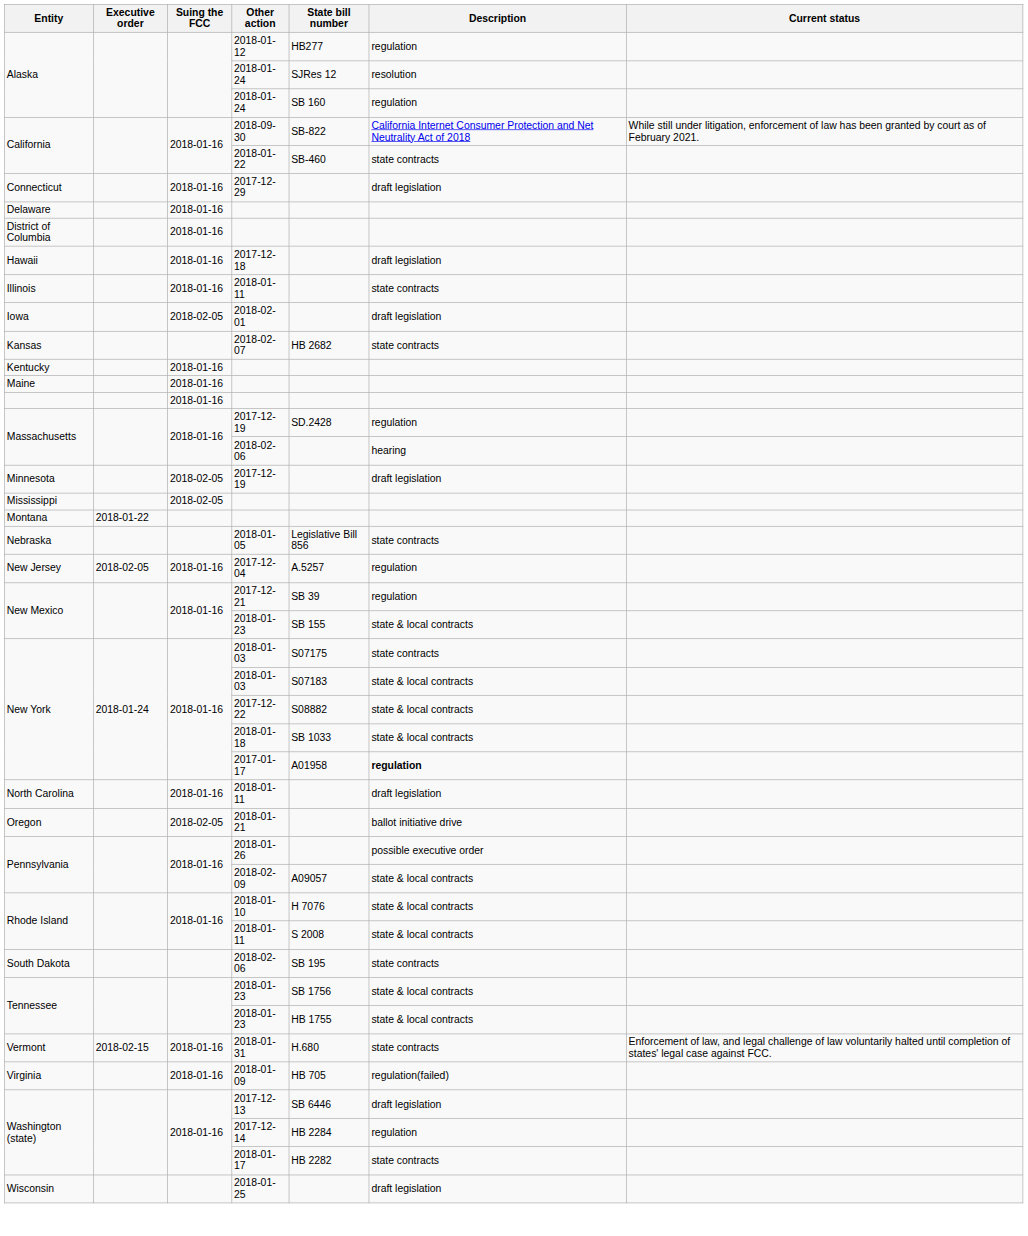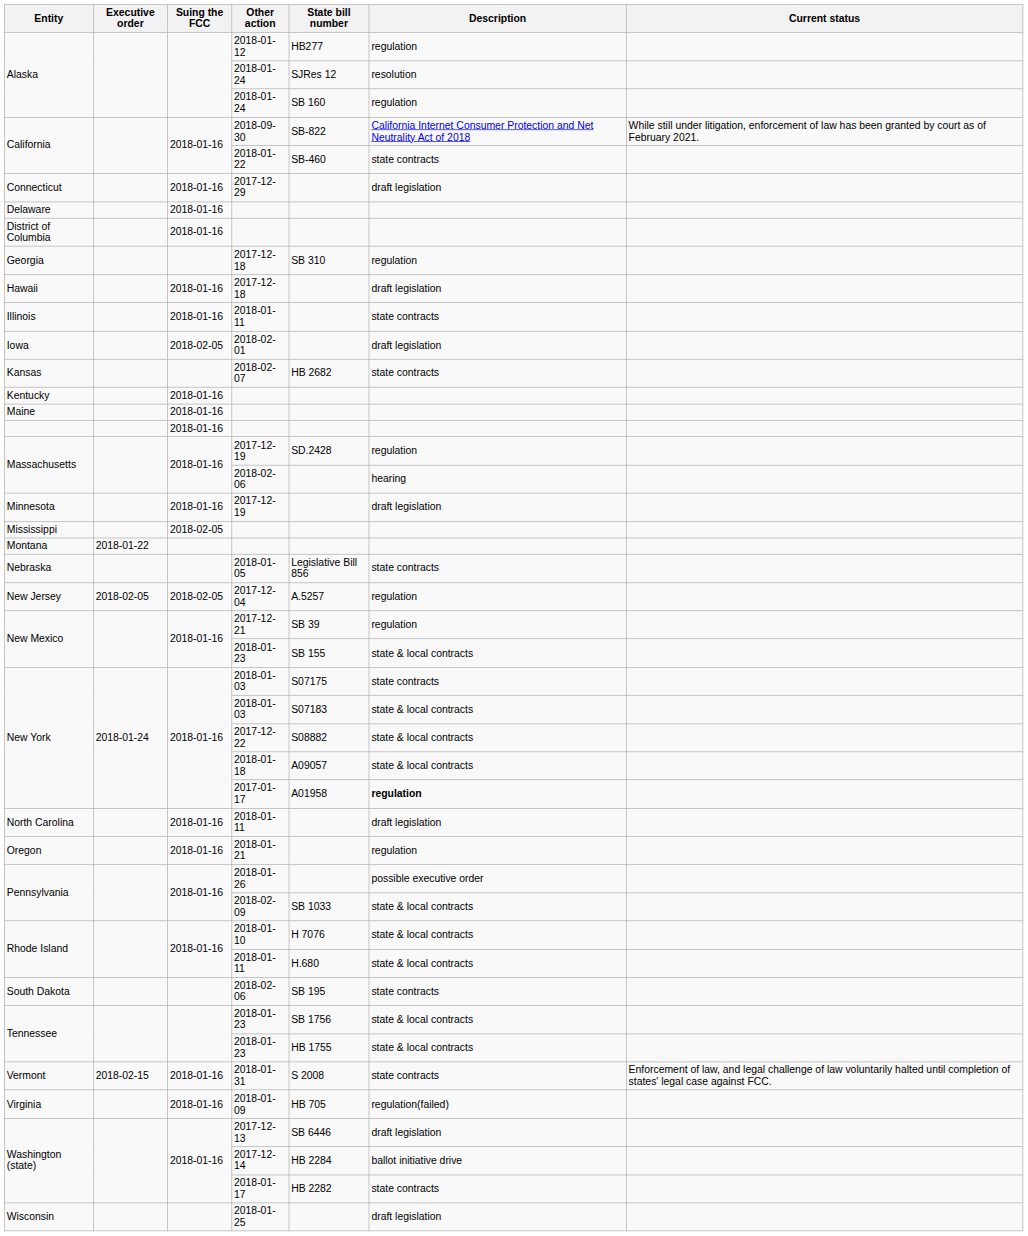 <table class="wikitable sortable">
 <tr>
 <th>Entity</th>
 <th>Executive order</th>
 <th>Suing the FCC</th>
 <th>Other action</th>
 <th>State bill number</th>
 <th>Description</th>
 <th>Current status</th>
 </tr>
 <tr>
 <td rowspan="3">Alaska</td>
 <td rowspan="3"></td>
 <td rowspan="3"></td>
 <td>2018-01-12</td>
 <td>HB277</td>
 <td>regulation</td>
 <td></td>
 </tr>
 <tr>
 <td>2018-01-24</td>
 <td>SJRes 12</td>
 <td>resolution</td>
 <td></td>
 </tr>
 <tr>
 <td>2018-01-24</td>
 <td>SB 160</td>
 <td>regulation</td>
 <td></td>
 </tr>
 <tr>
 <td rowspan="2”">California</td>
 <td rowspan="2” "></td>
 <td rowspan="2”">2018-01-16</td>
 <td>2018-09-30</td>
 <td>SB-822</td>
 <td><a href='#'>California Internet Consumer Protection and Net Neutrality Act of 2018</a></td>
 <td>While still under litigation, enforcement of law has been granted by court as of February 2021.</td>
 </tr>
 <tr>
 <td>2018-01-22</td>
 <td>SB-460</td>
 <td>state contracts</td>
 <td></td>
 </tr>
 <tr>
 <td>Connecticut</td>
 <td></td>
 <td>2018-01-16</td>
 <td>2017-12-29</td>
 <td></td>
 <td>draft legislation</td>
 <td></td>
 </tr>
 <tr>
 <td>Delaware</td>
 <td></td>
 <td>2018-01-16</td>
 <td></td>
 <td></td>
 <td></td>
 <td></td>
 </tr>
 <tr>
 <td>District of Columbia</td>
 <td></td>
 <td>2018-01-16</td>
 <td></td>
 <td></td>
 <td></td>
+<td></td>
+</tr>
+<tr>
+<td>Georgia</td>
+<td></td>
+<td></td>
+<td>2017-12-18</td>
+<td>SB 310</td>
+<td>regulation</td>
 <td></td>
 </tr>
 <tr>
 <td>Hawaii</td>
 <td></td>
 <td>2018-01-16</td>
 <td>2017-12-18</td>
 <td></td>
 <td>draft legislation</td>
 <td></td>
 </tr>
 <tr>
 <td>Illinois</td>
 <td></td>
 <td>2018-01-16</td>
 <td>2018-01-11</td>
 <td></td>
 <td>  state contracts</td>
 <td></td>
 </tr>
 <tr>
 <td>Iowa</td>
 <td></td>
 <td>2018-02-05</td>
 <td>2018-02-01</td>
 <td></td>
 <td>draft legislation</td>
 <td></td>
 </tr>
 <tr>
 <td>Kansas</td>
 <td></td>
 <td></td>
 <td>2018-02-07</td>
 <td>HB 2682</td>
 <td>state contracts</td>
 <td></td>
 </tr>
 <tr>
 <td>Kentucky</td>
 <td></td>
 <td>2018-01-16</td>
 <td></td>
 <td></td>
 <td></td>
 <td></td>
 </tr>
 <tr>
 <td>Maine</td>
 <td></td>
 <td>2018-01-16</td>
 <td></td>
 <td></td>
 <td></td>
 <td></td>
 </tr>
 <tr>
 <td></td>
 <td></td>
 <td>2018-01-16</td>
 <td></td>
 <td></td>
 <td></td>
 <td></td>
 </tr>
 <tr>
 <td rowspan="2”">Massachusetts</td>
 <td rowspan="2” "></td>
 <td rowspan="2”">2018-01-16</td>
 <td>2017-12-19</td>
 <td>SD.2428</td>
 <td>regulation</td>
 <td></td>
 </tr>
 <tr>
 <td>2018-02-06</td>
 <td></td>
 <td>hearing</td>
 <td></td>
 </tr>
 <tr>
 <td>Minnesota</td>
 <td></td>
-<td>2018-02-05</td>
+<td>2018-01-16</td>
 <td>2017-12-19</td>
 <td></td>
 <td>draft legislation</td>
 <td></td>
 </tr>
 <tr>
 <td>Mississippi</td>
 <td></td>
 <td>2018-02-05</td>
 <td></td>
 <td></td>
 <td></td>
 <td></td>
 </tr>
 <tr>
 <td>Montana</td>
 <td>2018-01-22</td>
 <td></td>
 <td></td>
 <td></td>
 <td></td>
 <td></td>
 </tr>
 <tr>
 <td>Nebraska</td>
 <td></td>
 <td></td>
 <td>2018-01-05</td>
 <td>Legislative Bill 856</td>
 <td> state contracts</td>
 <td></td>
 </tr>
 <tr>
 <td>New Jersey</td>
 <td>2018-02-05</td>
-<td>2018-01-16</td>
+<td>2018-02-05</td>
 <td>2017-12-04</td>
 <td>A.5257</td>
 <td>regulation</td>
 <td></td>
 </tr>
 <tr>
 <td rowspan="2”">New Mexico</td>
 <td rowspan="2” "></td>
 <td rowspan="2”">2018-01-16</td>
 <td>2017-12-21</td>
 <td>SB 39</td>
 <td>regulation</td>
 <td></td>
 </tr>
 <tr>
 <td>2018-01-23</td>
 <td>SB 155</td>
 <td>  state & local contracts</td>
 <td></td>
 </tr>
 <tr>
 <td rowspan="5”">New York</td>
 <td rowspan="5” ">2018-01-24</td>
 <td rowspan="5”">2018-01-16</td>
 <td>2018-01-03</td>
 <td>S07175</td>
 <td>state contracts</td>
 <td></td>
 </tr>
 <tr>
 <td> 2018-01-03</td>
 <td>S07183</td>
 <td>state & local contracts</td>
 <td></td>
 </tr>
 <tr>
 <td> 2017-12-22</td>
 <td>S08882</td>
 <td>state & local contracts</td>
 <td></td>
 </tr>
 <tr>
 <td> 2018-01-18</td>
-<td>SB 1033</td>
+<td>A09057</td>
 <td>state & local contracts</td>
 <td></td>
 </tr>
 <tr>
 <td> 2017-01-17</td>
 <td>A01958</td>
 <td><strong>regulation</strong></td>
 <td></td>
 </tr>
 <tr>
 <td>North Carolina</td>
 <td></td>
 <td>2018-01-16</td>
 <td>2018-01-11</td>
 <td></td>
 <td>draft legislation</td>
 <td></td>
 </tr>
 <tr>
 <td>Oregon</td>
 <td></td>
-<td>2018-02-05</td>
+<td>2018-01-16</td>
 <td>2018-01-21</td>
 <td></td>
-<td>ballot initiative drive</td>
+<td>  regulation</td>
 <td></td>
 </tr>
 <tr>
 <td rowspan="2”">Pennsylvania</td>
 <td rowspan="2” "></td>
 <td rowspan="2”">2018-01-16</td>
 <td> 2018-01-26</td>
 <td></td>
 <td>possible executive order</td>
 <td></td>
 </tr>
 <tr>
 <td> 2018-02-09</td>
-<td>A09057</td>
+<td>SB 1033</td>
 <td>state & local contracts</td>
 <td></td>
 </tr>
 <tr>
 <td rowspan="2”">Rhode Island</td>
 <td rowspan="2” "></td>
 <td rowspan="2”">2018-01-16</td>
 <td> 2018-01-10</td>
 <td>  H 7076</td>
 <td> state & local contracts</td>
 <td></td>
 </tr>
 <tr>
 <td>  2018-01-11</td>
-<td>  S 2008</td>
+<td> H.680</td>
 <td>  state & local contracts</td>
 <td></td>
 </tr>
 <tr>
 <td>South Dakota</td>
 <td></td>
 <td></td>
 <td> 2018-02-06</td>
 <td>SB 195</td>
 <td>state contracts</td>
 <td></td>
 </tr>
 <tr>
 <td rowspan="2”">Tennessee</td>
 <td rowspan="2” "></td>
 <td rowspan="2”"></td>
 <td> 2018-01-23</td>
 <td>  SB 1756</td>
 <td> state & local contracts</td>
 <td></td>
 </tr>
 <tr>
 <td>  2018-01-23</td>
 <td>  HB 1755</td>
 <td>  state & local contracts</td>
 <td></td>
 </tr>
 <tr>
 <td>Vermont</td>
 <td>2018-02-15</td>
 <td>2018-01-16</td>
 <td> 2018-01-31</td>
-<td> H.680</td>
+<td>  S 2008</td>
 <td> state contracts</td>
 <td>Enforcement of law, and legal challenge of law voluntarily halted until completion of states' legal case against FCC.</td>
 </tr>
 <tr>
 <td>Virginia</td>
 <td></td>
 <td>2018-01-16</td>
 <td> 2018-01-09</td>
 <td> HB 705</td>
 <td> regulation(failed)</td>
 <td></td>
 </tr>
 <tr>
 <td rowspan="3”">Washington (state)</td>
 <td rowspan="3” "></td>
 <td rowspan="3”">2018-01-16</td>
 <td> 2017-12-13</td>
 <td>  SB 6446</td>
 <td>draft legislation</td>
 <td></td>
 </tr>
 <tr>
 <td>  2017-12-14</td>
 <td>  HB 2284</td>
-<td>  regulation</td>
+<td>ballot initiative drive</td>
 <td></td>
 </tr>
 <tr>
 <td>  2018-01-17</td>
 <td>  HB 2282</td>
 <td>  state contracts</td>
 <td></td>
 </tr>
 <tr>
 <td>Wisconsin</td>
 <td></td>
 <td></td>
 <td> 2018-01-25</td>
 <td></td>
 <td> draft legislation</td>
 </tr>
 </table>
